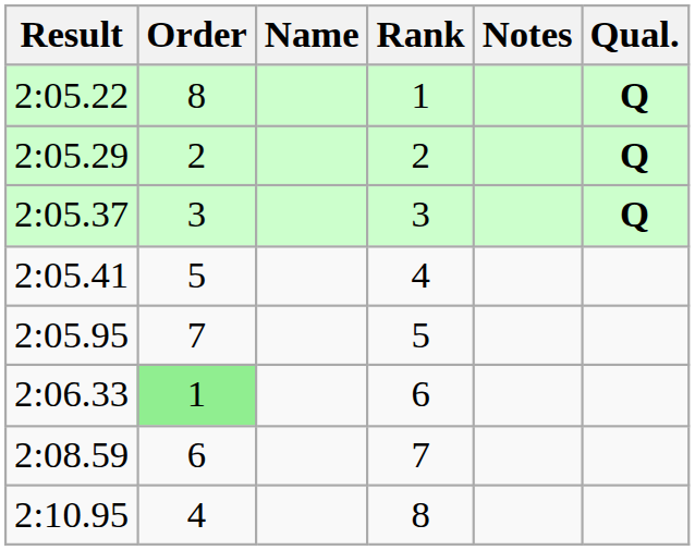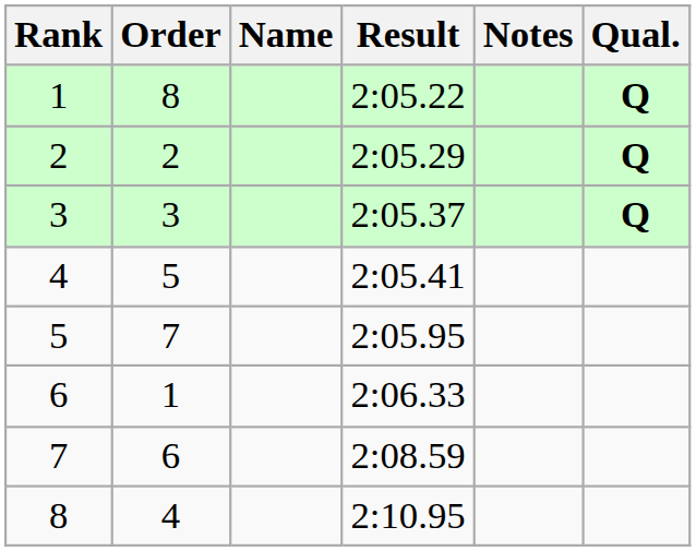 <table class="wikitable sortable" style="text-align:center">
 <tr>
-<th>Result</th>
+<th>Rank</th>
 <th>Order</th>
 <th>Name</th>
-<th>Rank</th>
+<th>Result</th>
 <th>Notes</th>
 <th>Qual.</th>
 </tr>
 <tr style="background:#cfc;">
-<td>2:05.22</td>
+<td>1</td>
 <td>8</td>
 <td align="left"></td>
-<td>1</td>
+<td>2:05.22</td>
 <td></td>
 <td><strong>Q</strong></td>
 </tr>
 <tr style="background:#cfc;">
-<td>2:05.29</td>
+<td>2</td>
 <td>2</td>
 <td align="left"></td>
-<td>2</td>
+<td>2:05.29</td>
 <td></td>
 <td><strong>Q</strong></td>
 </tr>
 <tr style="background:#cfc;">
-<td>2:05.37</td>
+<td>3</td>
 <td>3</td>
 <td align="left"></td>
-<td>3</td>
+<td>2:05.37</td>
 <td></td>
 <td><strong>Q</strong></td>
 </tr>
 <tr>
-<td>2:05.41</td>
+<td>4</td>
 <td>5</td>
 <td align="left"></td>
-<td>4</td>
+<td>2:05.41</td>
 <td></td>
 <td></td>
 </tr>
 <tr>
-<td>2:05.95</td>
+<td>5</td>
 <td>7</td>
 <td align="left"></td>
-<td>5</td>
+<td>2:05.95</td>
 <td></td>
 <td></td>
 </tr>
 <tr>
+<td>6</td>
+<td>1</td>
+<td align="left"></td>
 <td>2:06.33</td>
-<td style="background: lightgreen;">1</td>
-<td align="left"></td>
-<td>6</td>
 <td></td>
 <td></td>
 </tr>
 <tr>
-<td>2:08.59</td>
+<td>7</td>
 <td>6</td>
 <td align="left"></td>
-<td>7</td>
+<td>2:08.59</td>
 <td></td>
 <td></td>
 </tr>
 <tr>
-<td>2:10.95</td>
+<td>8</td>
 <td>4</td>
 <td align="left"></td>
-<td>8</td>
+<td>2:10.95</td>
 <td></td>
 <td></td>
 </tr>
 </table>
